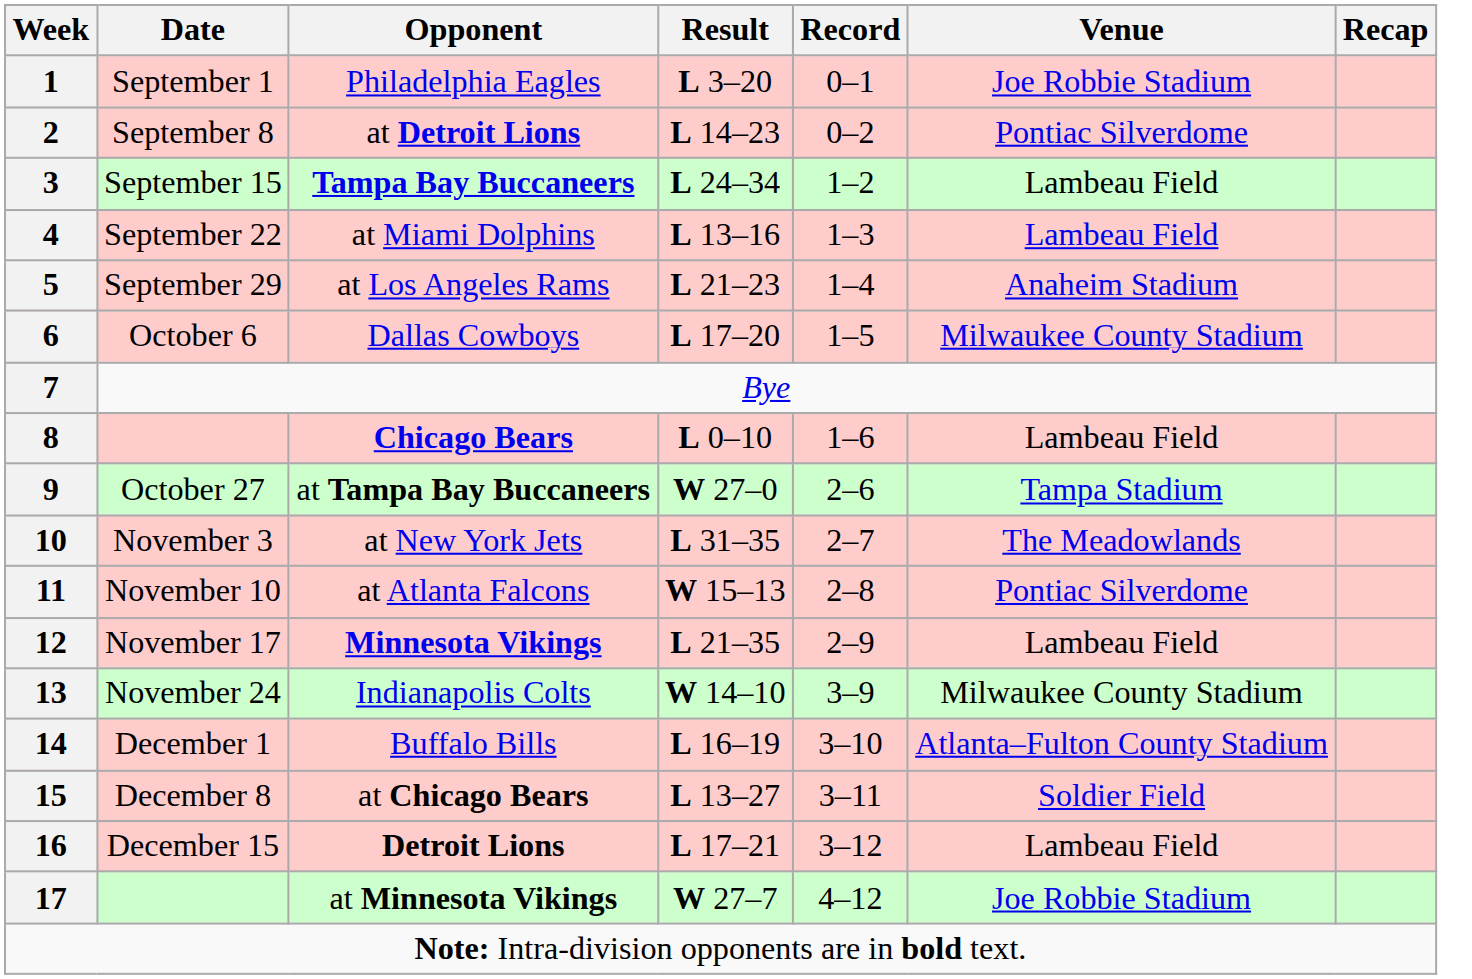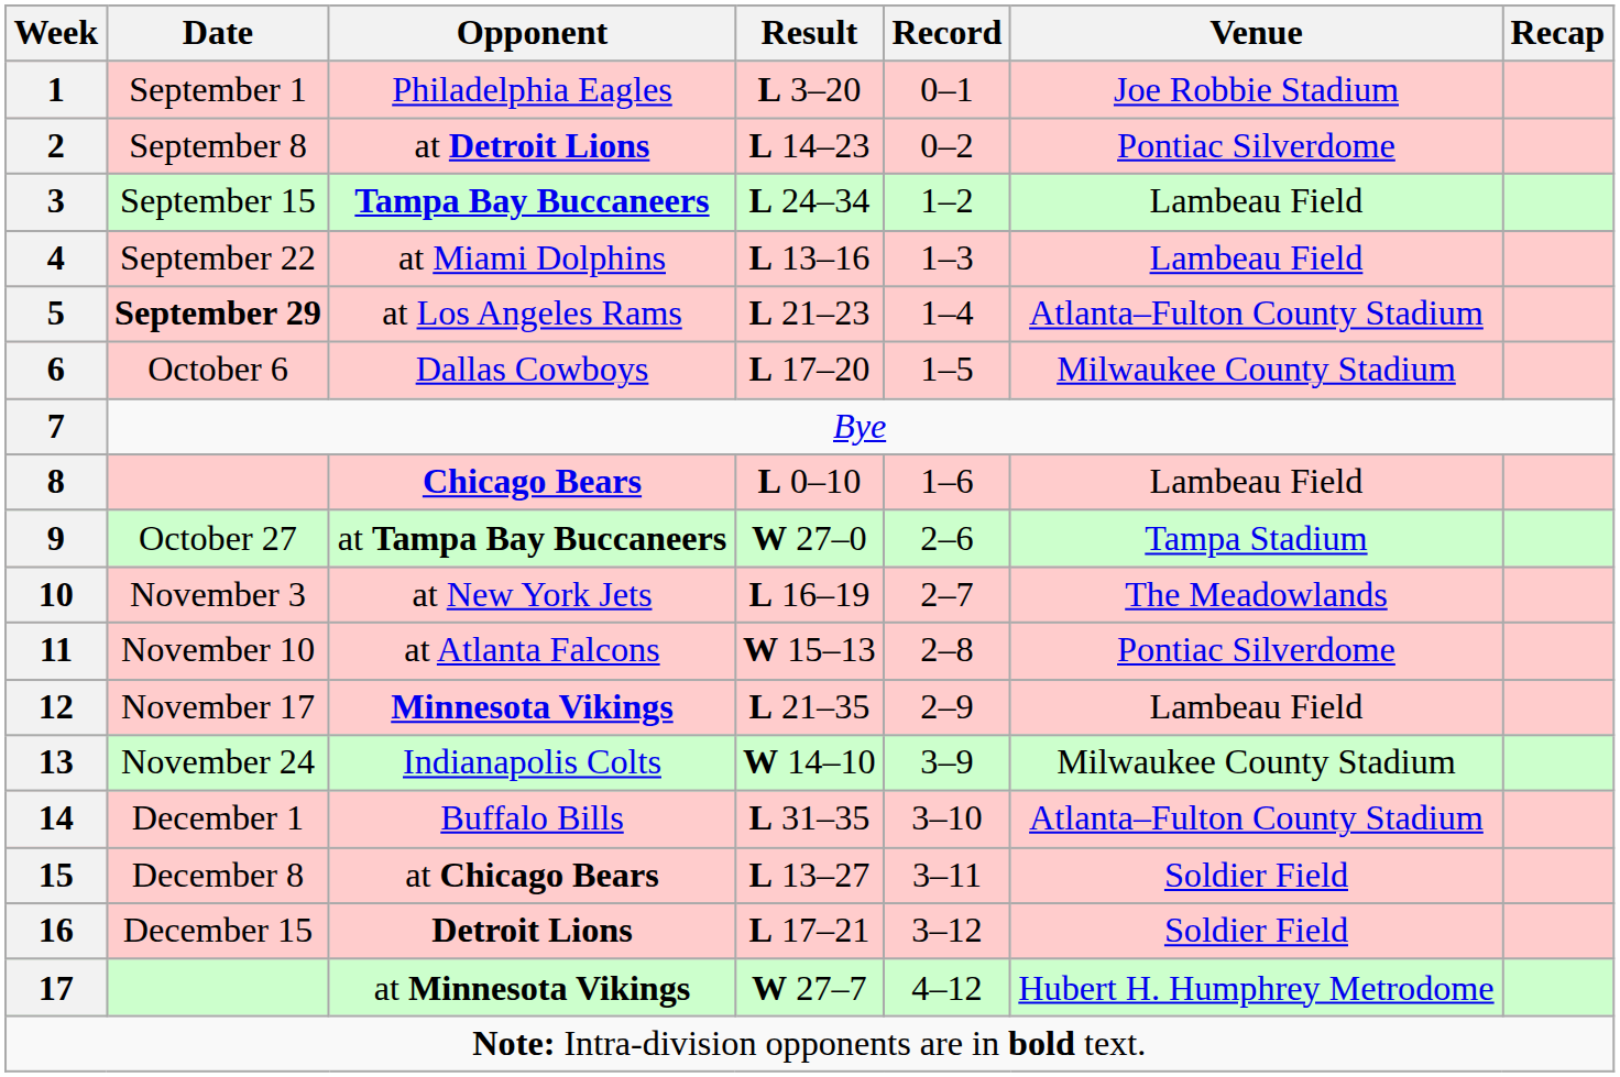 <table class="wikitable" style="text-align:center">
 <tr>
 <th>Week</th>
 <th>Date</th>
 <th>Opponent</th>
 <th>Result</th>
 <th>Record</th>
 <th>Venue</th>
 <th>Recap</th>
 </tr>
 <tr style="background:#fcc">
 <th>1</th>
 <td>September 1</td>
 <td><a href='#'>Philadelphia Eagles</a></td>
 <td><strong>L</strong> 3–20</td>
 <td>0–1</td>
 <td><a href='#'>Joe Robbie Stadium</a></td>
 <td></td>
 </tr>
 <tr style="background:#fcc">
 <th>2</th>
 <td>September 8</td>
 <td>at <strong><a href='#'>Detroit Lions</a></strong></td>
 <td><strong>L</strong> 14–23</td>
 <td>0–2</td>
 <td><a href='#'>Pontiac Silverdome</a></td>
 <td></td>
 </tr>
 <tr style="background:#cfc">
 <th>3</th>
 <td>September 15</td>
 <td><strong><a href='#'>Tampa Bay Buccaneers</a></strong></td>
 <td><strong>L</strong> 24–34</td>
 <td>1–2</td>
 <td>Lambeau Field</td>
 <td></td>
 </tr>
 <tr style="background:#fcc">
 <th>4</th>
 <td>September 22</td>
 <td>at <a href='#'>Miami Dolphins</a></td>
 <td><strong>L</strong> 13–16</td>
 <td>1–3</td>
 <td><a href='#'>Lambeau Field</a></td>
 <td></td>
 </tr>
 <tr style="background:#fcc">
 <th>5</th>
-<td>September 29</td>
+<td><strong>September 29</strong></td>
 <td>at <a href='#'>Los Angeles Rams</a></td>
 <td><strong>L</strong> 21–23</td>
 <td>1–4</td>
-<td><a href='#'>Anaheim Stadium</a></td>
+<td><a href='#'>Atlanta–Fulton County Stadium</a></td>
 <td></td>
 </tr>
 <tr style="background:#fcc">
 <th>6</th>
 <td>October 6</td>
 <td><a href='#'>Dallas Cowboys</a></td>
 <td><strong>L</strong> 17–20</td>
 <td>1–5</td>
 <td><a href='#'>Milwaukee County Stadium</a></td>
 <td></td>
 </tr>
 <tr>
 <th>7</th>
 <td colspan="6"><em><a href='#'>Bye</a></em></td>
 </tr>
 <tr style="background:#fcc">
 <th>8</th>
 <td></td>
 <td><strong><a href='#'>Chicago Bears</a></strong></td>
 <td><strong>L</strong> 0–10</td>
 <td>1–6</td>
 <td>Lambeau Field</td>
 <td></td>
 </tr>
 <tr style="background:#cfc">
 <th>9</th>
 <td>October 27</td>
 <td>at <strong>Tampa Bay Buccaneers</strong></td>
 <td><strong>W</strong> 27–0</td>
 <td>2–6</td>
 <td><a href='#'>Tampa Stadium</a></td>
 <td></td>
 </tr>
 <tr style="background:#fcc">
 <th>10</th>
 <td>November 3</td>
 <td>at <a href='#'>New York Jets</a></td>
-<td><strong>L</strong> 31–35</td>
+<td><strong>L</strong> 16–19 </td>
 <td>2–7</td>
 <td><a href='#'>The Meadowlands</a></td>
 <td></td>
 </tr>
 <tr style="background:#fcc">
 <th>11</th>
 <td>November 10</td>
 <td>at <a href='#'>Atlanta Falcons</a></td>
 <td><strong>W</strong> 15–13</td>
 <td>2–8</td>
 <td><a href='#'>Pontiac Silverdome</a></td>
 <td></td>
 </tr>
 <tr style="background:#fcc">
 <th>12</th>
 <td>November 17</td>
 <td><strong><a href='#'>Minnesota Vikings</a></strong></td>
 <td><strong>L</strong> 21–35</td>
 <td>2–9</td>
 <td>Lambeau Field</td>
 <td></td>
 </tr>
 <tr style="background:#cfc">
 <th>13</th>
 <td>November 24</td>
 <td><a href='#'>Indianapolis Colts</a></td>
 <td><strong>W</strong> 14–10</td>
 <td>3–9</td>
 <td>Milwaukee County Stadium</td>
 <td></td>
 </tr>
 <tr style="background:#fcc">
 <th>14</th>
 <td>December 1</td>
 <td><a href='#'>Buffalo Bills</a></td>
-<td><strong>L</strong> 16–19 </td>
+<td><strong>L</strong> 31–35</td>
 <td>3–10</td>
 <td><a href='#'>Atlanta–Fulton County Stadium</a></td>
 <td></td>
 </tr>
 <tr style="background:#fcc">
 <th>15</th>
 <td>December 8</td>
 <td>at <strong>Chicago Bears</strong></td>
 <td><strong>L</strong> 13–27</td>
 <td>3–11</td>
 <td><a href='#'>Soldier Field</a></td>
 <td></td>
 </tr>
 <tr style="background:#fcc">
 <th>16</th>
 <td>December 15</td>
 <td><strong>Detroit Lions</strong></td>
 <td><strong>L</strong> 17–21</td>
 <td>3–12</td>
-<td>Lambeau Field</td>
+<td><a href='#'>Soldier Field</a></td>
 <td></td>
 </tr>
 <tr style="background:#cfc">
 <th>17</th>
 <td></td>
 <td>at <strong>Minnesota Vikings</strong></td>
 <td><strong>W</strong> 27–7</td>
 <td>4–12</td>
-<td><a href='#'>Joe Robbie Stadium</a></td>
+<td><a href='#'>Hubert H. Humphrey Metrodome</a></td>
 <td></td>
 </tr>
 <tr>
 <td colspan="8"><strong>Note:</strong> Intra-division opponents are in <strong>bold</strong> text.</td>
 </tr>
 </table>
